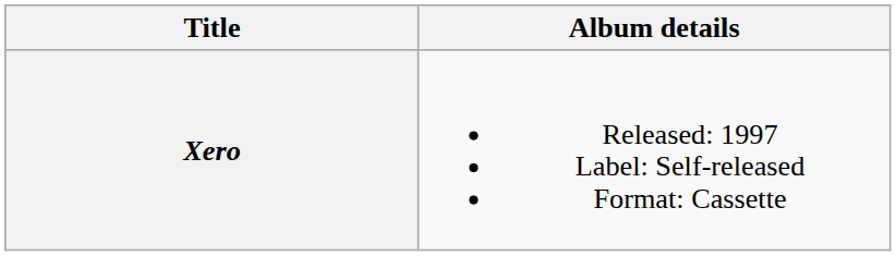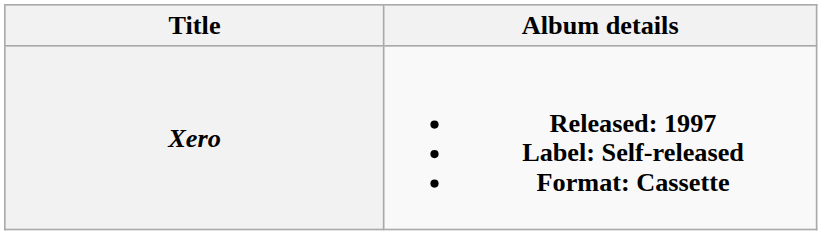 <table class="wikitable plainrowheaders" style="text-align:center;" border="1">
 <tr>
 <th scope="col" style="width:14em;">Title</th>
 <th scope="col" style="width:16em;">Album details</th>
 </tr>
 <tr>
 <th scope="row"><em>Xero</em></th>
-<td><br><ul><li>Released: 1997</li><li>Label: Self-released</li><li>Format: Cassette</li></ul></td>
+<td><strong><br><ul><li>Released: 1997</li><li>Label: Self-released</li><li>Format: Cassette</li></ul></strong></td>
 </tr>
 </table>
